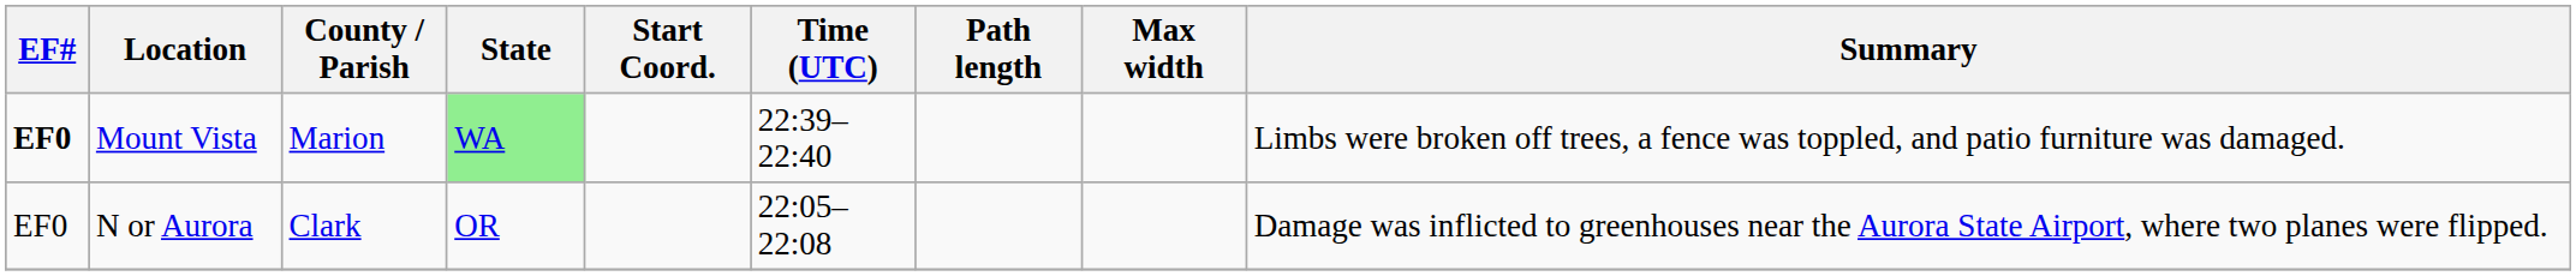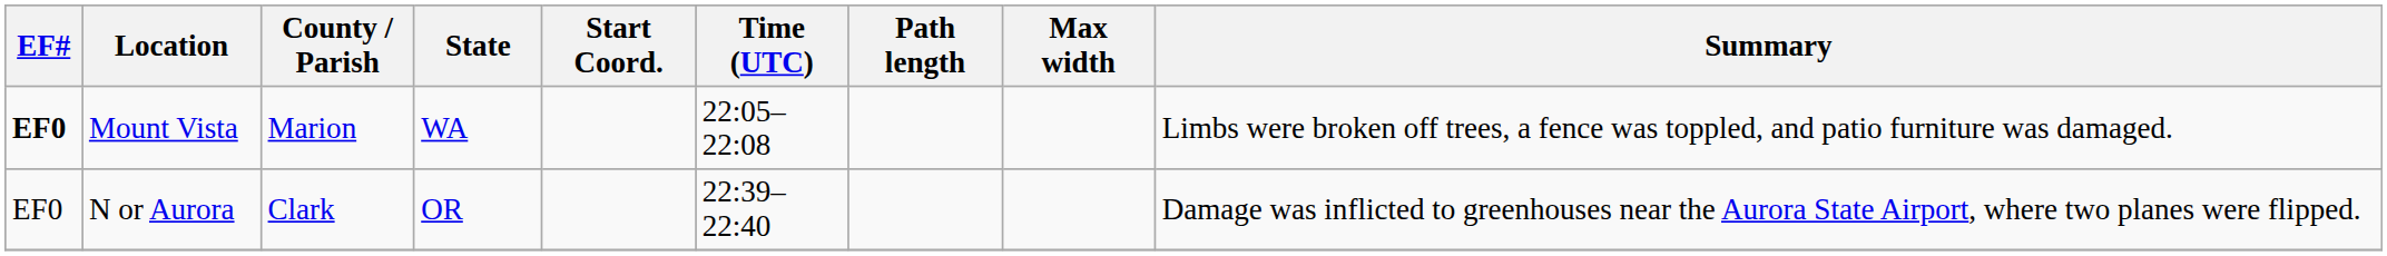 <table class="wikitable sortable" style="width:100%;">
 <tr>
 <th scope="col"  style="width:3%; text-align:center;"><a href='#'>EF#</a></th>
 <th scope="col"  style="width:7%; text-align:center;" class="unsortable">Location</th>
 <th scope="col"  style="width:6%; text-align:center;" class="unsortable">County / Parish</th>
 <th scope="col"  style="width:5%; text-align:center;">State</th>
 <th scope="col"  style="width:6%; text-align:center;">Start Coord.</th>
 <th scope="col"  style="width:6%; text-align:center;">Time (<a href='#'>UTC</a>)</th>
 <th scope="col"  style="width:6%; text-align:center;">Path length</th>
 <th scope="col"  style="width:6%; text-align:center;">Max width</th>
 <th scope="col" class="unsortable" style="width:48%; text-align:center;">Summary</th>
 </tr>
 <tr>
 <td><strong>EF0</strong></td>
 <td><a href='#'>Mount Vista</a></td>
 <td><a href='#'>Marion</a></td>
-<td style="background: lightgreen;"><a href='#'>WA</a></td>
+<td><a href='#'>WA</a></td>
 <td></td>
-<td>22:39–22:40</td>
+<td>22:05–22:08</td>
 <td></td>
 <td></td>
 <td>Limbs were broken off trees, a fence was toppled, and patio furniture was damaged.</td>
 </tr>
 <tr>
 <td>EF0</td>
 <td>N or <a href='#'>Aurora</a></td>
 <td><a href='#'>Clark</a></td>
 <td><a href='#'>OR</a></td>
 <td></td>
-<td>22:05–22:08</td>
+<td>22:39–22:40</td>
 <td></td>
 <td></td>
 <td>Damage was inflicted to greenhouses near the <a href='#'>Aurora State Airport</a>, where two planes were flipped.</td>
 </tr>
 <tr>
 </tr>
 </table>
